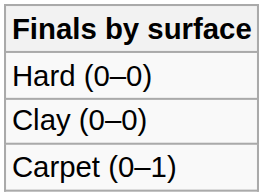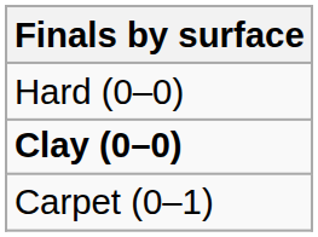 <table class=wikitable style=font-size:90%>
 <tr>
 <th>Finals by surface</th>
 </tr>
 <tr>
 <td>Hard (0–0)</td>
 </tr>
 <tr>
-<td>Clay (0–0)</td>
+<td><strong>Clay (0–0)</strong></td>
 </tr>
 <tr>
 <td>Carpet (0–1)</td>
 </tr>
 </table>
